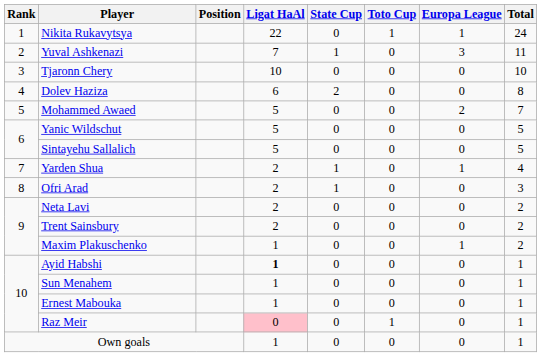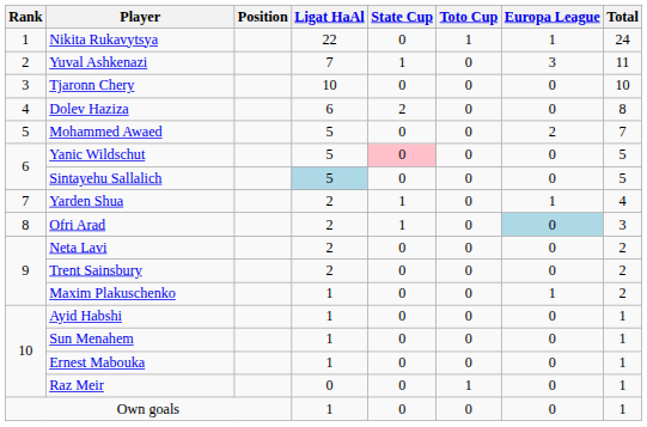 <table class="wikitable">
 <tr>
 <th>Rank</th>
 <th style="width:200px;">Player</th>
 <th>Position</th>
 <th><a href='#'>Ligat HaAl</a></th>
 <th><a href='#'>State Cup</a></th>
 <th><a href='#'>Toto Cup</a></th>
 <th><a href='#'>Europa League</a></th>
 <th>Total</th>
 </tr>
 <tr>
 <td align=center>1</td>
 <td> <a href='#'>Nikita Rukavytsya</a></td>
 <td align=center></td>
 <td align=center>22</td>
 <td align=center>0</td>
 <td align=center>1</td>
 <td align=center>1</td>
 <td align=center>24</td>
 </tr>
 <tr>
 <td align=center>2</td>
 <td> <a href='#'>Yuval Ashkenazi</a></td>
 <td align=center></td>
 <td align=center>7</td>
 <td align=center>1</td>
 <td align=center>0</td>
 <td align=center>3</td>
 <td align=center>11</td>
 </tr>
 <tr>
 <td align=center>3</td>
 <td> <a href='#'>Tjaronn Chery</a></td>
 <td align=center></td>
 <td align=center>10</td>
 <td align=center>0</td>
 <td align=center>0</td>
 <td align=center>0</td>
 <td align=center>10</td>
 </tr>
 <tr>
 <td align=center>4</td>
 <td> <a href='#'>Dolev Haziza</a></td>
 <td align=center></td>
 <td align=center>6</td>
 <td align=center>2</td>
 <td align=center>0</td>
 <td align=center>0</td>
 <td align=center>8</td>
 </tr>
 <tr>
 <td align=center>5</td>
 <td> <a href='#'>Mohammed Awaed</a></td>
 <td align=center></td>
 <td align=center>5</td>
 <td align=center>0</td>
 <td align=center>0</td>
 <td align=center>2</td>
 <td align=center>7</td>
 </tr>
 <tr>
 <td align=center rowspan=2>6</td>
 <td> <a href='#'>Yanic Wildschut</a></td>
 <td align=center></td>
 <td align=center>5</td>
-<td align=center>0</td>
+<td align=center style="background: pink;">0</td>
 <td align=center>0</td>
 <td align=center>0</td>
 <td align=center>5</td>
 </tr>
 <tr>
 <td> <a href='#'>Sintayehu Sallalich</a></td>
 <td align=center></td>
-<td align=center>5</td>
+<td align=center style="background: lightblue;">5</td>
 <td align=center>0</td>
 <td align=center>0</td>
 <td align=center>0</td>
 <td align=center>5</td>
 </tr>
 <tr>
 <td align=center>7</td>
 <td> <a href='#'>Yarden Shua</a></td>
 <td align=center></td>
 <td align=center>2</td>
 <td align=center>1</td>
 <td align=center>0</td>
 <td align=center>1</td>
 <td align=center>4</td>
 </tr>
 <tr>
 <td align=center>8</td>
 <td> <a href='#'>Ofri Arad</a></td>
 <td align=center></td>
 <td align=center>2</td>
 <td align=center>1</td>
 <td align=center>0</td>
-<td align=center>0</td>
+<td align=center style="background: lightblue;">0</td>
 <td align=center>3</td>
 </tr>
 <tr>
 <td align=center rowspan=3>9</td>
 <td> <a href='#'>Neta Lavi</a></td>
 <td align=center></td>
 <td align=center>2</td>
 <td align=center>0</td>
 <td align=center>0</td>
 <td align=center>0</td>
 <td align=center>2</td>
 </tr>
 <tr>
 <td> <a href='#'>Trent Sainsbury</a></td>
 <td align=center></td>
 <td align=center>2</td>
 <td align=center>0</td>
 <td align=center>0</td>
 <td align=center>0</td>
 <td align=center>2</td>
 </tr>
 <tr>
 <td> <a href='#'>Maxim Plakuschenko</a></td>
 <td align=center></td>
 <td align=center>1</td>
 <td align=center>0</td>
 <td align=center>0</td>
 <td align=center>1</td>
 <td align=center>2</td>
 </tr>
 <tr>
 <td align=center rowspan=4>10</td>
 <td> <a href='#'>Ayid Habshi</a></td>
 <td align=center></td>
-<td align=center><strong>1</strong></td>
+<td align=center>1</td>
 <td align=center>0</td>
 <td align=center>0</td>
 <td align=center>0</td>
 <td align=center>1</td>
 </tr>
 <tr>
 <td> <a href='#'>Sun Menahem</a></td>
 <td align=center></td>
 <td align=center>1</td>
 <td align=center>0</td>
 <td align=center>0</td>
 <td align=center>0</td>
 <td align=center>1</td>
 </tr>
 <tr>
 <td> <a href='#'>Ernest Mabouka</a></td>
 <td align=center></td>
 <td align=center>1</td>
 <td align=center>0</td>
 <td align=center>0</td>
 <td align=center>0</td>
 <td align=center>1</td>
 </tr>
 <tr>
 <td> <a href='#'>Raz Meir</a></td>
 <td align=center></td>
-<td align=center style="background: pink;">0</td>
+<td align=center>0</td>
 <td align=center>0</td>
 <td align=center>1</td>
 <td align=center>0</td>
 <td align=center>1</td>
 </tr>
 <tr>
 <td align=center colspan=3>Own goals</td>
 <td align=center>1</td>
 <td align=center>0</td>
 <td align=center>0</td>
 <td align=center>0</td>
 <td align=center>1</td>
 </tr>
 </table>
